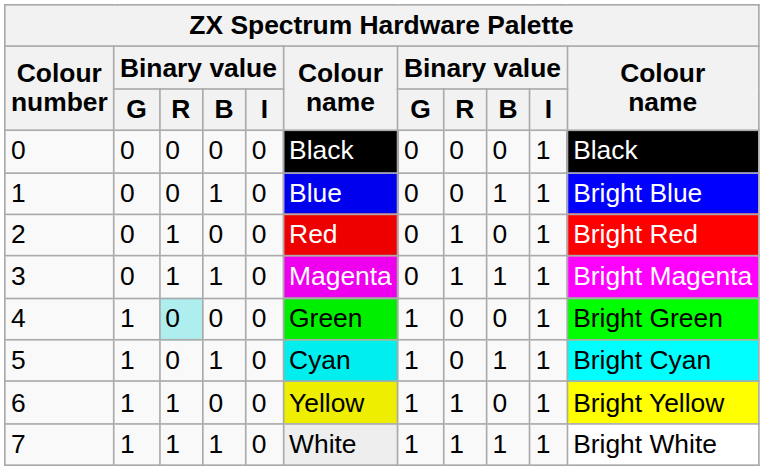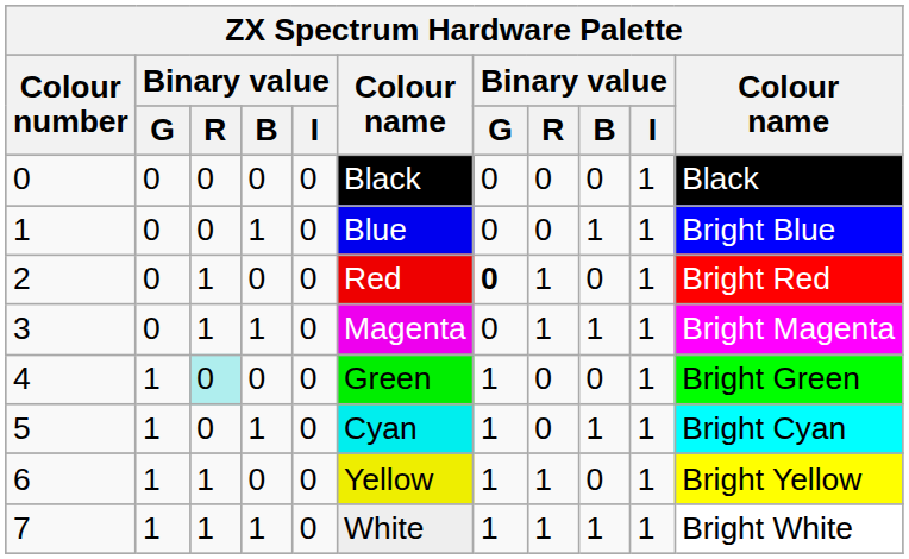 <table class="wikitable">
 <tr>
 <th colspan="11"><strong>ZX Spectrum Hardware Palette<em><strong><em></th>
 </tr>
 <tr>
 <th rowspan="2">Colour<br>number</th>
 <th colspan="4">Binary value</th>
 <th rowspan="2">Colour<br>name</th>
 <th colspan="4">Binary value</th>
 <th rowspan="2">Colour<br>name</th>
 </tr>
 <tr>
 <th>G</th>
 <th>R</th>
 <th>B</th>
 <th>I</th>
 <th>G</th>
 <th>R</th>
 <th>B</th>
 <th>I</th>
 </tr>
 <tr>
 <td>0</td>
 <td>0</td>
 <td>0</td>
 <td>0</td>
 <td>0</td>
 <td style="background-color:#000; color:#FFF;">Black</td>
 <td>0</td>
 <td>0</td>
 <td>0</td>
 <td>1</td>
 <td style="background-color:#000; color:#FFF;">Black</td>
 </tr>
 <tr>
 <td>1</td>
 <td>0</td>
 <td>0</td>
 <td>1</td>
 <td>0</td>
 <td style="background-color:#00E; color:#FFF;">Blue</td>
 <td>0</td>
 <td>0</td>
 <td>1</td>
 <td>1</td>
 <td style="background-color:#00F; color:#FFF;">Bright Blue</td>
 </tr>
 <tr>
 <td>2</td>
 <td>0</td>
 <td>1</td>
 <td>0</td>
 <td>0</td>
 <td style="background-color:#E00; color:#FFF;">Red</td>
-<td>0</td>
+<td><strong>0</strong></td>
 <td>1</td>
 <td>0</td>
 <td>1</td>
 <td style="background-color:#F00; color:#FFF;">Bright Red</td>
 </tr>
 <tr>
 <td>3</td>
 <td>0</td>
 <td>1</td>
 <td>1</td>
 <td>0</td>
 <td style="background-color:#E0E; color:#FFF;">Magenta</td>
 <td>0</td>
 <td>1</td>
 <td>1</td>
 <td>1</td>
 <td style="background-color:#F0F; color:#FFF;">Bright Magenta</td>
 </tr>
 <tr>
 <td>4</td>
 <td>1</td>
 <td style="background: paleturquoise;">0</td>
 <td>0</td>
 <td>0</td>
 <td style="background-color:#0E0;">Green</td>
 <td>1</td>
 <td>0</td>
 <td>0</td>
 <td>1</td>
 <td style="background-color:#0F0;">Bright Green</td>
 </tr>
 <tr>
 <td>5</td>
 <td>1</td>
 <td>0</td>
 <td>1</td>
 <td>0</td>
 <td style="background-color:#0EE;">Cyan</td>
 <td>1</td>
 <td>0</td>
 <td>1</td>
 <td>1</td>
 <td style="background-color:#0FF;">Bright Cyan</td>
 </tr>
 <tr>
 <td>6</td>
 <td>1</td>
 <td>1</td>
 <td>0</td>
 <td>0</td>
 <td style="background-color:#EE0;">Yellow</td>
 <td>1</td>
 <td>1</td>
 <td>0</td>
 <td>1</td>
 <td style="background-color:#FF0;">Bright Yellow</td>
 </tr>
 <tr>
 <td>7</td>
 <td>1</td>
 <td>1</td>
 <td>1</td>
 <td>0</td>
 <td style="background-color:#EEE;">White</td>
 <td>1</td>
 <td>1</td>
 <td>1</td>
 <td>1</td>
 <td style="background-color:#FFF;">Bright White</td>
 </tr>
 </table>
